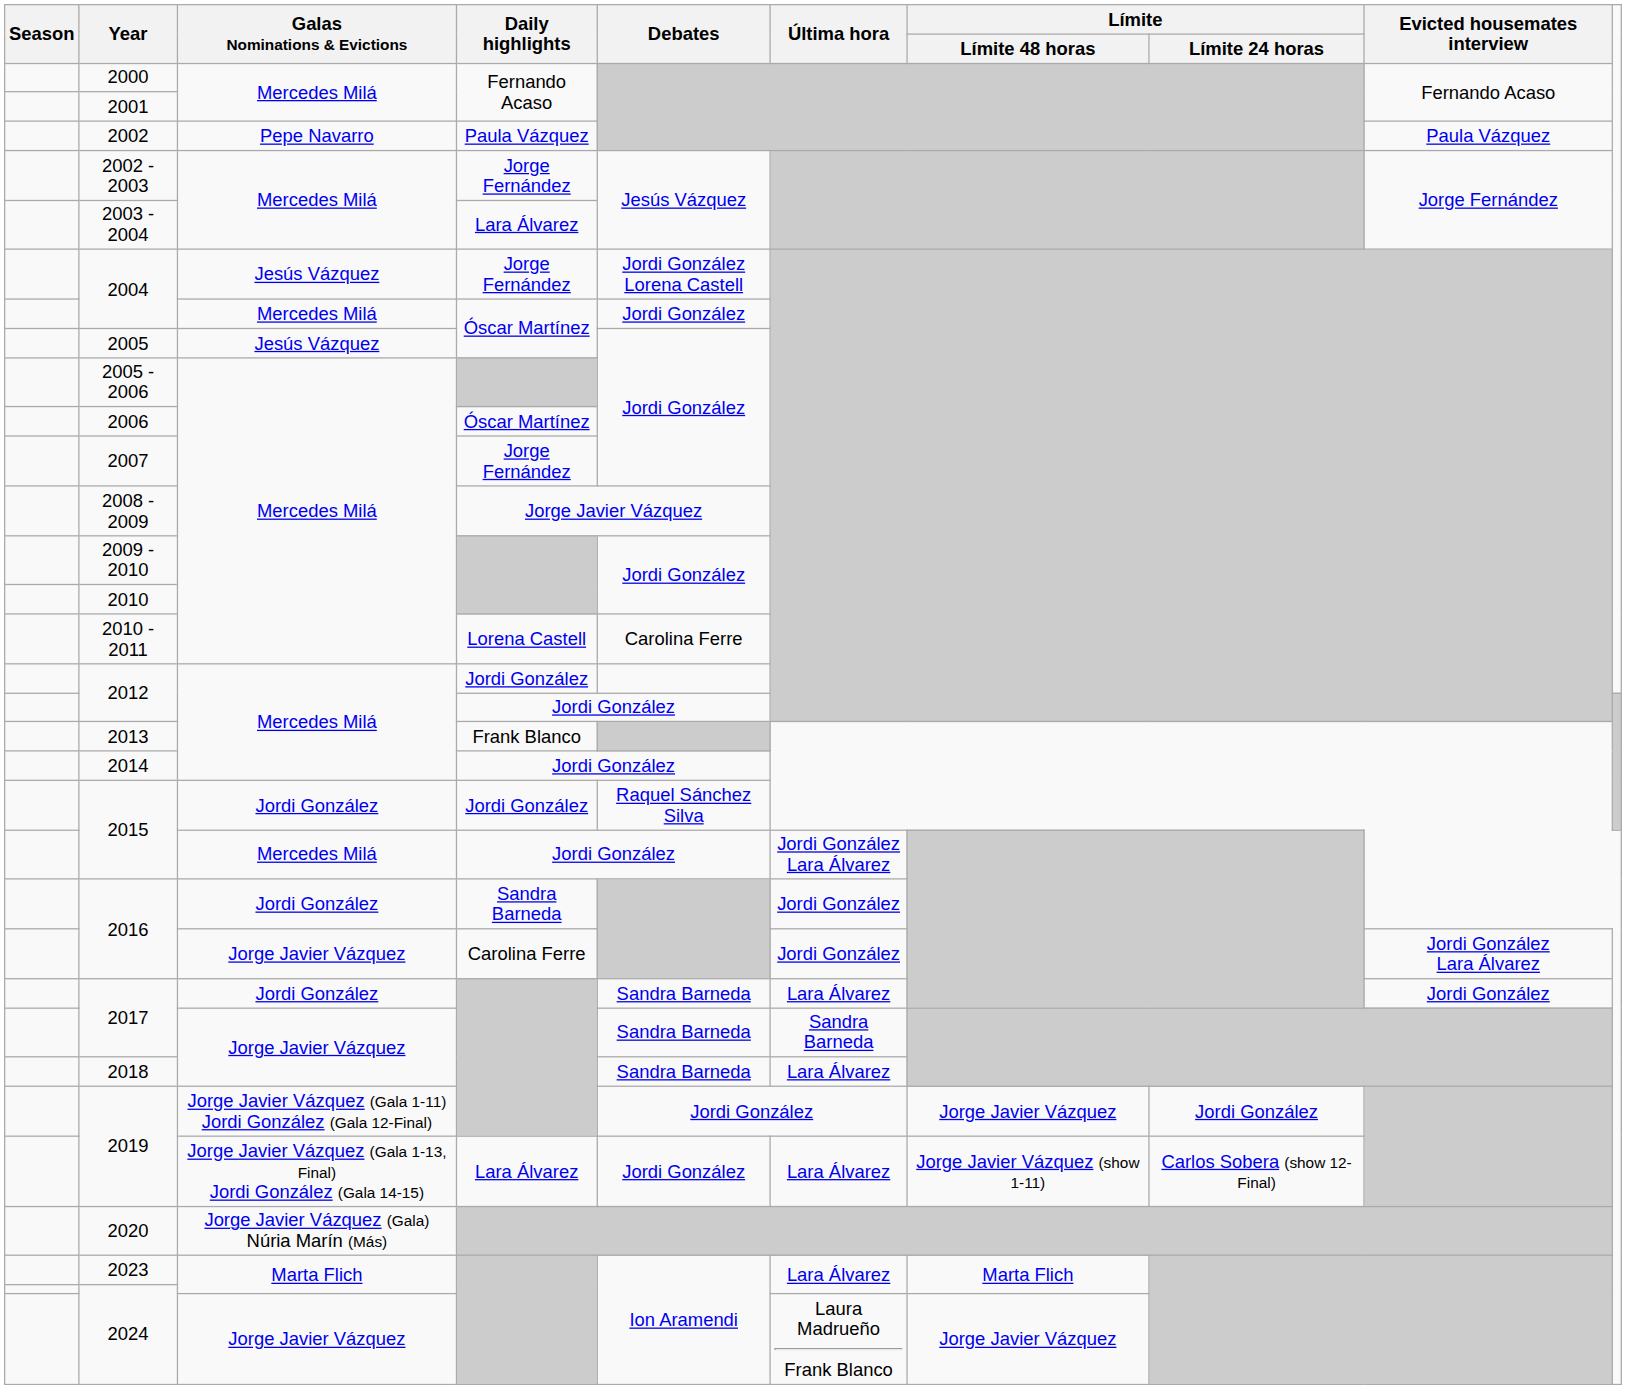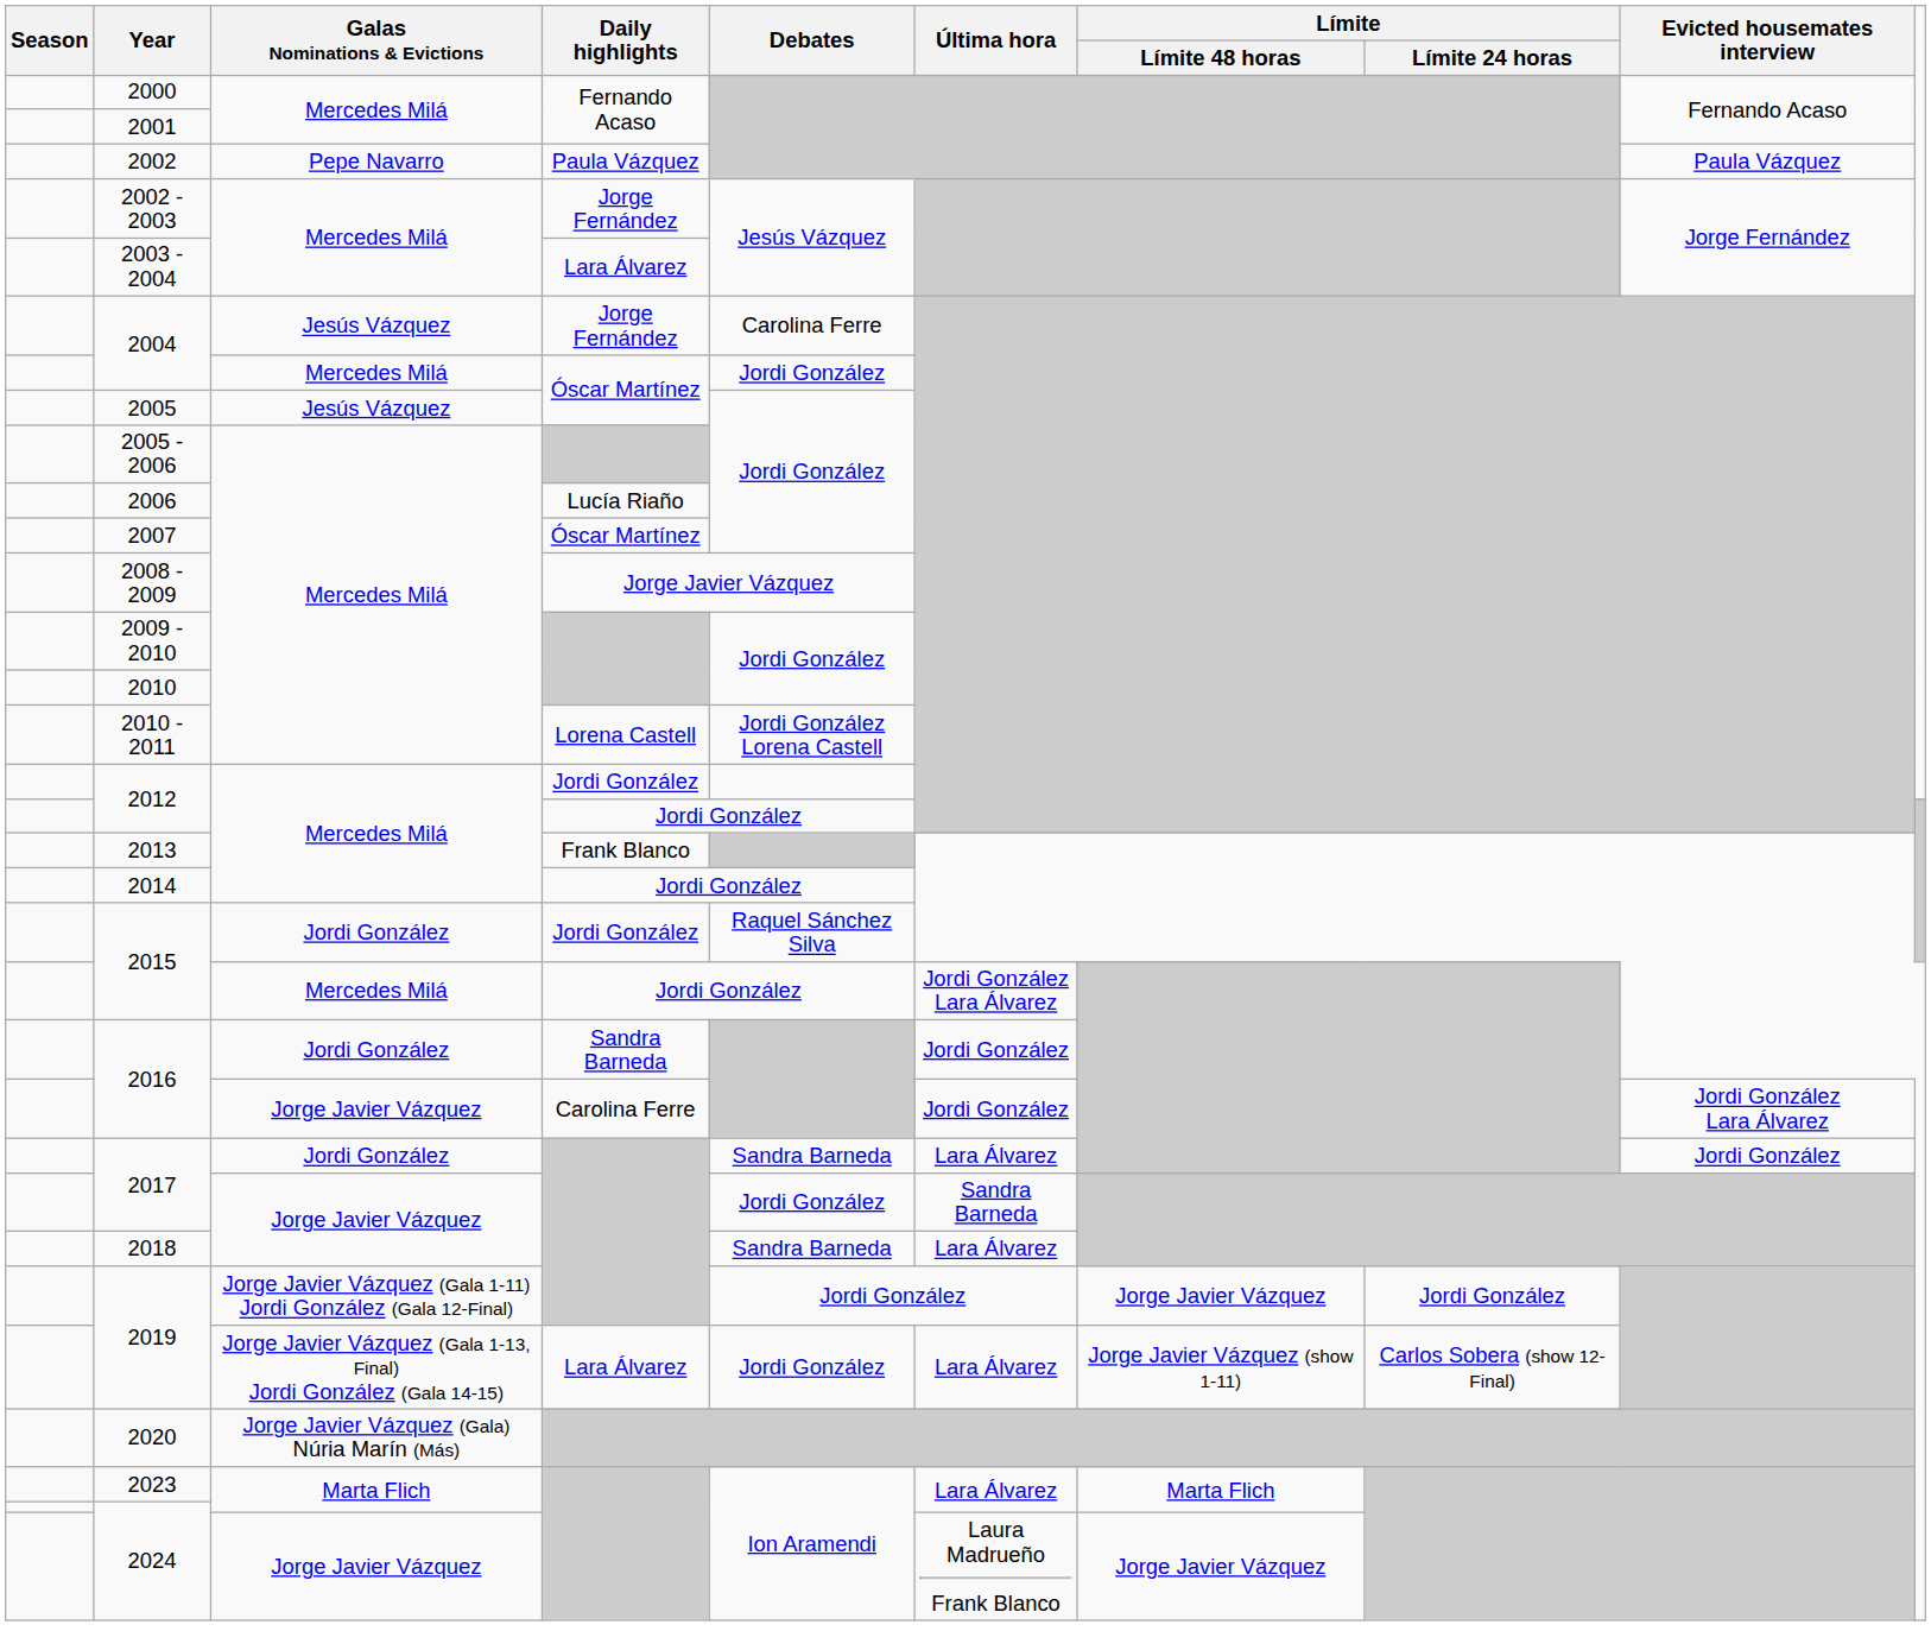 <table class="wikitable" style="text-align:center; font-size:90%; width:100%">
 <tr>
 <th rowspan="2">Season</th>
 <th rowspan="2">Year</th>
 <th rowspan="2">Galas<br><small>Nominations & Evictions</small></th>
 <th rowspan="2">Daily highlights</th>
 <th rowspan="2">Debates</th>
 <th rowspan="2">Última hora</th>
 <th colspan="2">Límite</th>
 <th rowspan="2">Evicted housemates interview</th>
 </tr>
 <tr>
 <th>Límite 48 horas</th>
 <th>Límite 24 horas</th>
 </tr>
 <tr>
 <td align="left"></td>
 <td>2000</td>
 <td rowspan="2"><a href='#'>Mercedes Milá</a></td>
 <td rowspan="2">Fernando Acaso</td>
 <td colspan="4" rowspan="3" bgcolor="CCCCCC"></td>
 <td rowspan="2">Fernando Acaso</td>
 </tr>
 <tr>
 <td align="left"></td>
 <td>2001</td>
 </tr>
 <tr>
 <td align="left"></td>
 <td>2002</td>
 <td><a href='#'>Pepe Navarro</a></td>
 <td><a href='#'>Paula Vázquez</a></td>
 <td><a href='#'>Paula Vázquez</a></td>
 </tr>
 <tr>
 <td align="left"></td>
 <td>2002 - 2003</td>
 <td rowspan="2"><a href='#'>Mercedes Milá</a></td>
 <td><a href='#'>Jorge Fernández</a></td>
 <td rowspan="2"><a href='#'>Jesús Vázquez</a></td>
 <td colspan="3" rowspan="2" bgcolor="CCCCCC"></td>
 <td rowspan="2"><a href='#'>Jorge Fernández</a></td>
 </tr>
 <tr>
 <td align="left"></td>
 <td>2003 - 2004</td>
 <td><a href='#'>Lara Álvarez</a></td>
 </tr>
 <tr>
 <td align="left"></td>
 <td rowspan="2">2004</td>
 <td><a href='#'>Jesús Vázquez</a></td>
 <td><a href='#'>Jorge Fernández</a></td>
-<td><a href='#'>Jordi González</a><br><a href='#'>Lorena Castell</a></td>
+<td>Carolina Ferre</td>
 <td colspan="4" rowspan="12" bgcolor="CCCCCC"></td>
 </tr>
 <tr>
 <td align="left"></td>
 <td><a href='#'>Mercedes Milá</a></td>
 <td rowspan="2"><a href='#'>Óscar Martínez</a></td>
 <td><a href='#'>Jordi González</a></td>
 </tr>
 <tr>
 <td align="left"></td>
 <td>2005</td>
 <td><a href='#'>Jesús Vázquez</a></td>
 <td rowspan="4"><a href='#'>Jordi González</a></td>
 </tr>
 <tr>
 <td align="left"></td>
 <td>2005 - 2006</td>
 <td rowspan="7"><a href='#'>Mercedes Milá</a></td>
 <td bgcolor="CCCCCC"></td>
 </tr>
 <tr>
 <td align="left"></td>
 <td>2006</td>
-<td><a href='#'>Óscar Martínez</a></td>
+<td>Lucía Riaño</td>
 </tr>
 <tr>
 <td align="left"></td>
 <td>2007</td>
-<td><a href='#'>Jorge Fernández</a></td>
+<td><a href='#'>Óscar Martínez</a></td>
 </tr>
 <tr>
 <td align="left"></td>
 <td>2008 - 2009</td>
 <td colspan="2"><a href='#'>Jorge Javier Vázquez</a></td>
 </tr>
 <tr>
 <td align="left"></td>
 <td>2009 - 2010</td>
 <td rowspan="2" bgcolor="CCCCCC"></td>
 <td rowspan="2"><a href='#'>Jordi González</a></td>
 </tr>
 <tr>
 <td align="left"></td>
 <td>2010</td>
 </tr>
 <tr>
 <td align="left"></td>
 <td>2010 - 2011</td>
 <td><a href='#'>Lorena Castell</a></td>
-<td>Carolina Ferre</td>
+<td><a href='#'>Jordi González</a><br><a href='#'>Lorena Castell</a></td>
 </tr>
 <tr>
 <td align="left"></td>
 <td rowspan="2">2012</td>
 <td rowspan="4"><a href='#'>Mercedes Milá</a></td>
 <td><a href='#'>Jordi González</a></td>
 </tr>
 <tr>
 <td align="left"></td>
 <td colspan="2"><a href='#'>Jordi González</a></td>
 <td colspan="3" rowspan="4" bgcolor="CCCCCC"></td>
 </tr>
 <tr>
 <td align="left"></td>
 <td>2013</td>
 <td>Frank Blanco</td>
 <td bgcolor="CCCCCC"></td>
 </tr>
 <tr>
 <td align="left"></td>
 <td>2014</td>
 <td colspan="2"><a href='#'>Jordi González</a></td>
 </tr>
 <tr>
 <td align="left"></td>
 <td rowspan="2">2015</td>
 <td><a href='#'>Jordi González</a></td>
 <td><a href='#'>Jordi González</a></td>
 <td><a href='#'>Raquel Sánchez Silva</a></td>
 </tr>
 <tr>
 <td align="left"></td>
 <td><a href='#'>Mercedes Milá</a></td>
 <td colspan="2"><a href='#'>Jordi González</a></td>
 <td><a href='#'>Jordi González</a><br><a href='#'>Lara Álvarez</a></td>
 <td colspan="2" rowspan="4" bgcolor="CCCCCC"></td>
 </tr>
 <tr>
 <td align="left"></td>
 <td rowspan="2">2016</td>
 <td><a href='#'>Jordi González</a></td>
 <td><a href='#'>Sandra Barneda</a></td>
 <td rowspan="2" bgcolor="CCCCCC"></td>
 <td><a href='#'>Jordi González</a></td>
 </tr>
 <tr>
 <td align="left"></td>
 <td><a href='#'>Jorge Javier Vázquez</a></td>
 <td>Carolina Ferre</td>
 <td><a href='#'>Jordi González</a></td>
 <td><a href='#'>Jordi González</a><br><a href='#'>Lara Álvarez</a></td>
 </tr>
 <tr>
 <td align="left"></td>
 <td rowspan="2">2017</td>
 <td><a href='#'>Jordi González</a></td>
 <td rowspan="4" bgcolor="CCCCCC"></td>
 <td><a href='#'>Sandra Barneda</a></td>
 <td><a href='#'>Lara Álvarez</a></td>
 <td><a href='#'>Jordi González</a></td>
 </tr>
 <tr>
 <td align="left"></td>
 <td rowspan="2"><a href='#'>Jorge Javier Vázquez</a></td>
-<td><a href='#'>Sandra Barneda</a></td>
+<td><a href='#'>Jordi González</a></td>
 <td><a href='#'>Sandra Barneda</a></td>
 <td colspan="3" rowspan="2" bgcolor="CCCCCC"></td>
 </tr>
 <tr>
 <td align="left"></td>
 <td>2018</td>
 <td><a href='#'>Sandra Barneda</a></td>
 <td><a href='#'>Lara Álvarez</a></td>
 </tr>
 <tr>
 <td align="left"></td>
 <td rowspan="2">2019</td>
 <td><a href='#'>Jorge Javier Vázquez</a> <small>(Gala 1-11)</small><br><a href='#'>Jordi González</a> <small>(Gala 12-Final)</small></td>
 <td colspan="2"><a href='#'>Jordi González</a></td>
 <td><a href='#'>Jorge Javier Vázquez</a></td>
 <td><a href='#'>Jordi González</a></td>
 <td rowspan="2" bgcolor="CCCCCC"></td>
 </tr>
 <tr>
 <td align="left"></td>
 <td><a href='#'>Jorge Javier Vázquez</a> <small>(Gala 1-13, Final)</small><br><a href='#'>Jordi González</a> <small>(Gala 14-15)</small></td>
 <td><a href='#'>Lara Álvarez</a></td>
 <td><a href='#'>Jordi González</a></td>
 <td><a href='#'>Lara Álvarez</a></td>
 <td><a href='#'>Jorge Javier Vázquez</a> <small>(show 1-11)</small></td>
 <td><a href='#'>Carlos Sobera</a> <small>(show 12-Final)</small></td>
 </tr>
 <tr>
 <td align="left"></td>
 <td>2020</td>
 <td><a href='#'>Jorge Javier Vázquez</a> <small>(Gala)</small><br>Núria Marín <small>(Más)</small></td>
 <td colspan="6" bgcolor="CCCCCC"></td>
 </tr>
 <tr>
 <td align="left"></td>
 <td>2023</td>
 <td rowspan="2"><a href='#'>Marta Flich</a></td>
 <td rowspan="3" bgcolor="CCCCCC"></td>
 <td rowspan="3"><a href='#'>Ion Aramendi</a></td>
 <td rowspan="2"><a href='#'>Lara Álvarez</a></td>
 <td rowspan="2"><a href='#'>Marta Flich</a></td>
 <td colspan="2" rowspan="3" bgcolor="CCCCCC"></td>
 </tr>
 <tr>
 <td align="left"></td>
 <td rowspan="2">2024</td>
 </tr>
 <tr>
 <td align="left"></td>
 <td><a href='#'>Jorge Javier Vázquez</a></td>
 <td>Laura Madrueño<hr>Frank Blanco</td>
 <td><a href='#'>Jorge Javier Vázquez</a></td>
 </tr>
 </table>
